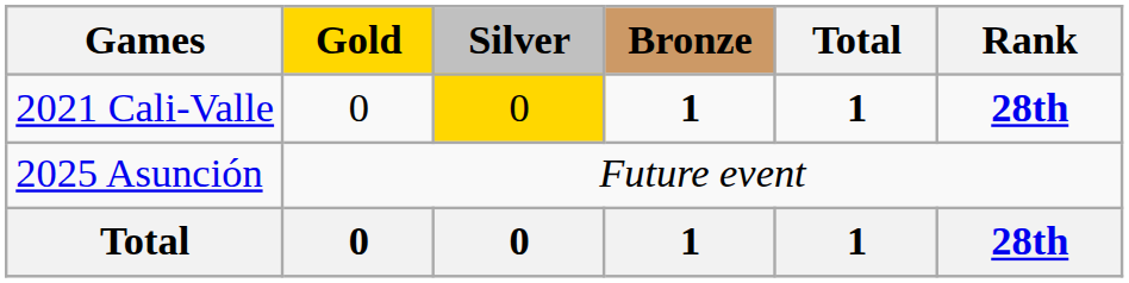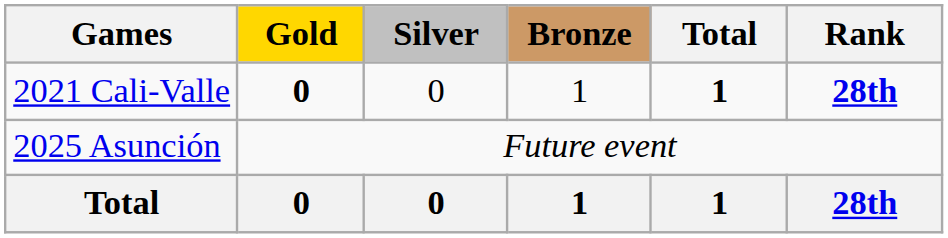 <table class="wikitable" style="text-align:center; font-size:90%;">
 <tr>
 <th>Games</th>
 <td style="background:gold; width:3.2em; font-weight:bold;">Gold</td>
 <td style="background:silver; width:3.7em; font-weight:bold;">Silver</td>
 <td style="background:#c96; width:3.7em; font-weight:bold;">Bronze</td>
 <th style="width:3.5em; font-weight:bold;">Total</th>
 <th style="width:4em; font-weight:bold;">Rank</th>
 </tr>
 <tr>
 <td align=left> <a href='#'>2021 Cali-Valle</a></td>
+<td><strong>0</strong></td>
 <td>0</td>
-<td style="background: gold;">0</td>
-<td><strong>1</strong></td>
+<td>1</td>
 <td><strong>1</strong></td>
 <td><strong><a href='#'>28th</a></strong></td>
 </tr>
 <tr>
 <td align=left> <a href='#'>2025 Asunción</a></td>
 <td colspan="5"><em>Future event</em></td>
 </tr>
 <tr>
 <th>Total</th>
 <th>0</th>
 <th>0</th>
 <th>1</th>
 <th>1</th>
 <th><a href='#'>28th</a></th>
 </tr>
 </table>
